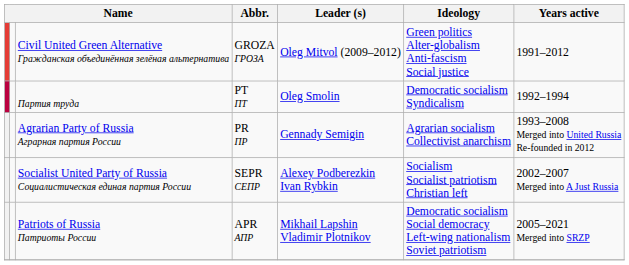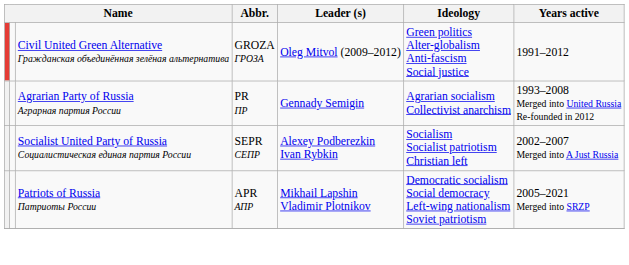 <table class="wikitable sortable">
 <tr>
 <th colspan=3>Name</th>
 <th>Abbr.</th>
 <th>Leader (s)</th>
 <th>Ideology</th>
 <th>Years active</th>
 </tr>
 <tr>
 <th style="background:#E53C36;"></th>
 <td></td>
 <td><a href='#'>Civil United Green Alternative</a><br><small><em>Гражданская объединённая зелёная альтернатива</em></small></td>
 <td>GROZA<br><small><em>ГРОЗА</em></small></td>
 <td><a href='#'>Oleg Mitvol</a> (2009–2012)</td>
 <td><a href='#'>Green politics</a><br><a href='#'>Alter-globalism</a><br><a href='#'>Anti-fascism</a><br><a href='#'>Social justice</a></td>
 <td>1991–2012</td>
-</tr>
-<tr>
-<th style="background:#BB0140;"></th>
-<td></td>
-<td><br><small><em>Партия труда</em></small></td>
-<td>PT<br><small><em>ПТ</em></small></td>
-<td><a href='#'>Oleg Smolin</a></td>
-<td><a href='#'>Democratic socialism</a><br><a href='#'>Syndicalism</a></td>
-<td>1992–1994</td>
 </tr>
 <tr>
 <th style="background:"></th>
 <td></td>
 <td><a href='#'>Agrarian Party of Russia</a><br><small><em>Аграрная партия России</em></small></td>
 <td>PR<br><small><em>ПР</em></small></td>
 <td><a href='#'>Gennady Semigin</a></td>
 <td><a href='#'>Agrarian socialism</a><br><a href='#'>Collectivist anarchism</a></td>
 <td>1993–2008<br><small>Merged into <a href='#'>United Russia</a><br>Re-founded in 2012</small></td>
 </tr>
 <tr>
 <th style="background:"></th>
 <td></td>
 <td><a href='#'>Socialist United Party of Russia</a><br><small><em>Социалистическая единая партия России</em></small></td>
 <td>SEPR<br><small><em>СЕПР</em></small></td>
 <td><a href='#'>Alexey Podberezkin</a><br><a href='#'>Ivan Rybkin</a><br></td>
 <td><a href='#'>Socialism</a><br><a href='#'>Socialist patriotism</a><br><a href='#'>Christian left</a></td>
 <td>2002–2007<br><small>Merged into <a href='#'>A Just Russia</a></small></td>
 </tr>
 <tr>
 <th style="background:"></th>
 <td></td>
 <td><a href='#'>Patriots of Russia</a><br><small><em>Патриоты России</em></small></td>
 <td>APR<br><small><em>АПР</em></small></td>
 <td><a href='#'>Mikhail Lapshin</a><br> <a href='#'>Vladimir Plotnikov</a></td>
 <td><a href='#'>Democratic socialism</a><br><a href='#'>Social democracy</a><br><a href='#'>Left-wing nationalism</a><br><a href='#'>Soviet patriotism</a></td>
 <td>2005–2021<br><small>Merged into <a href='#'>SRZP</a></small></td>
 </tr>
 <tr>
 </tr>
 </table>
